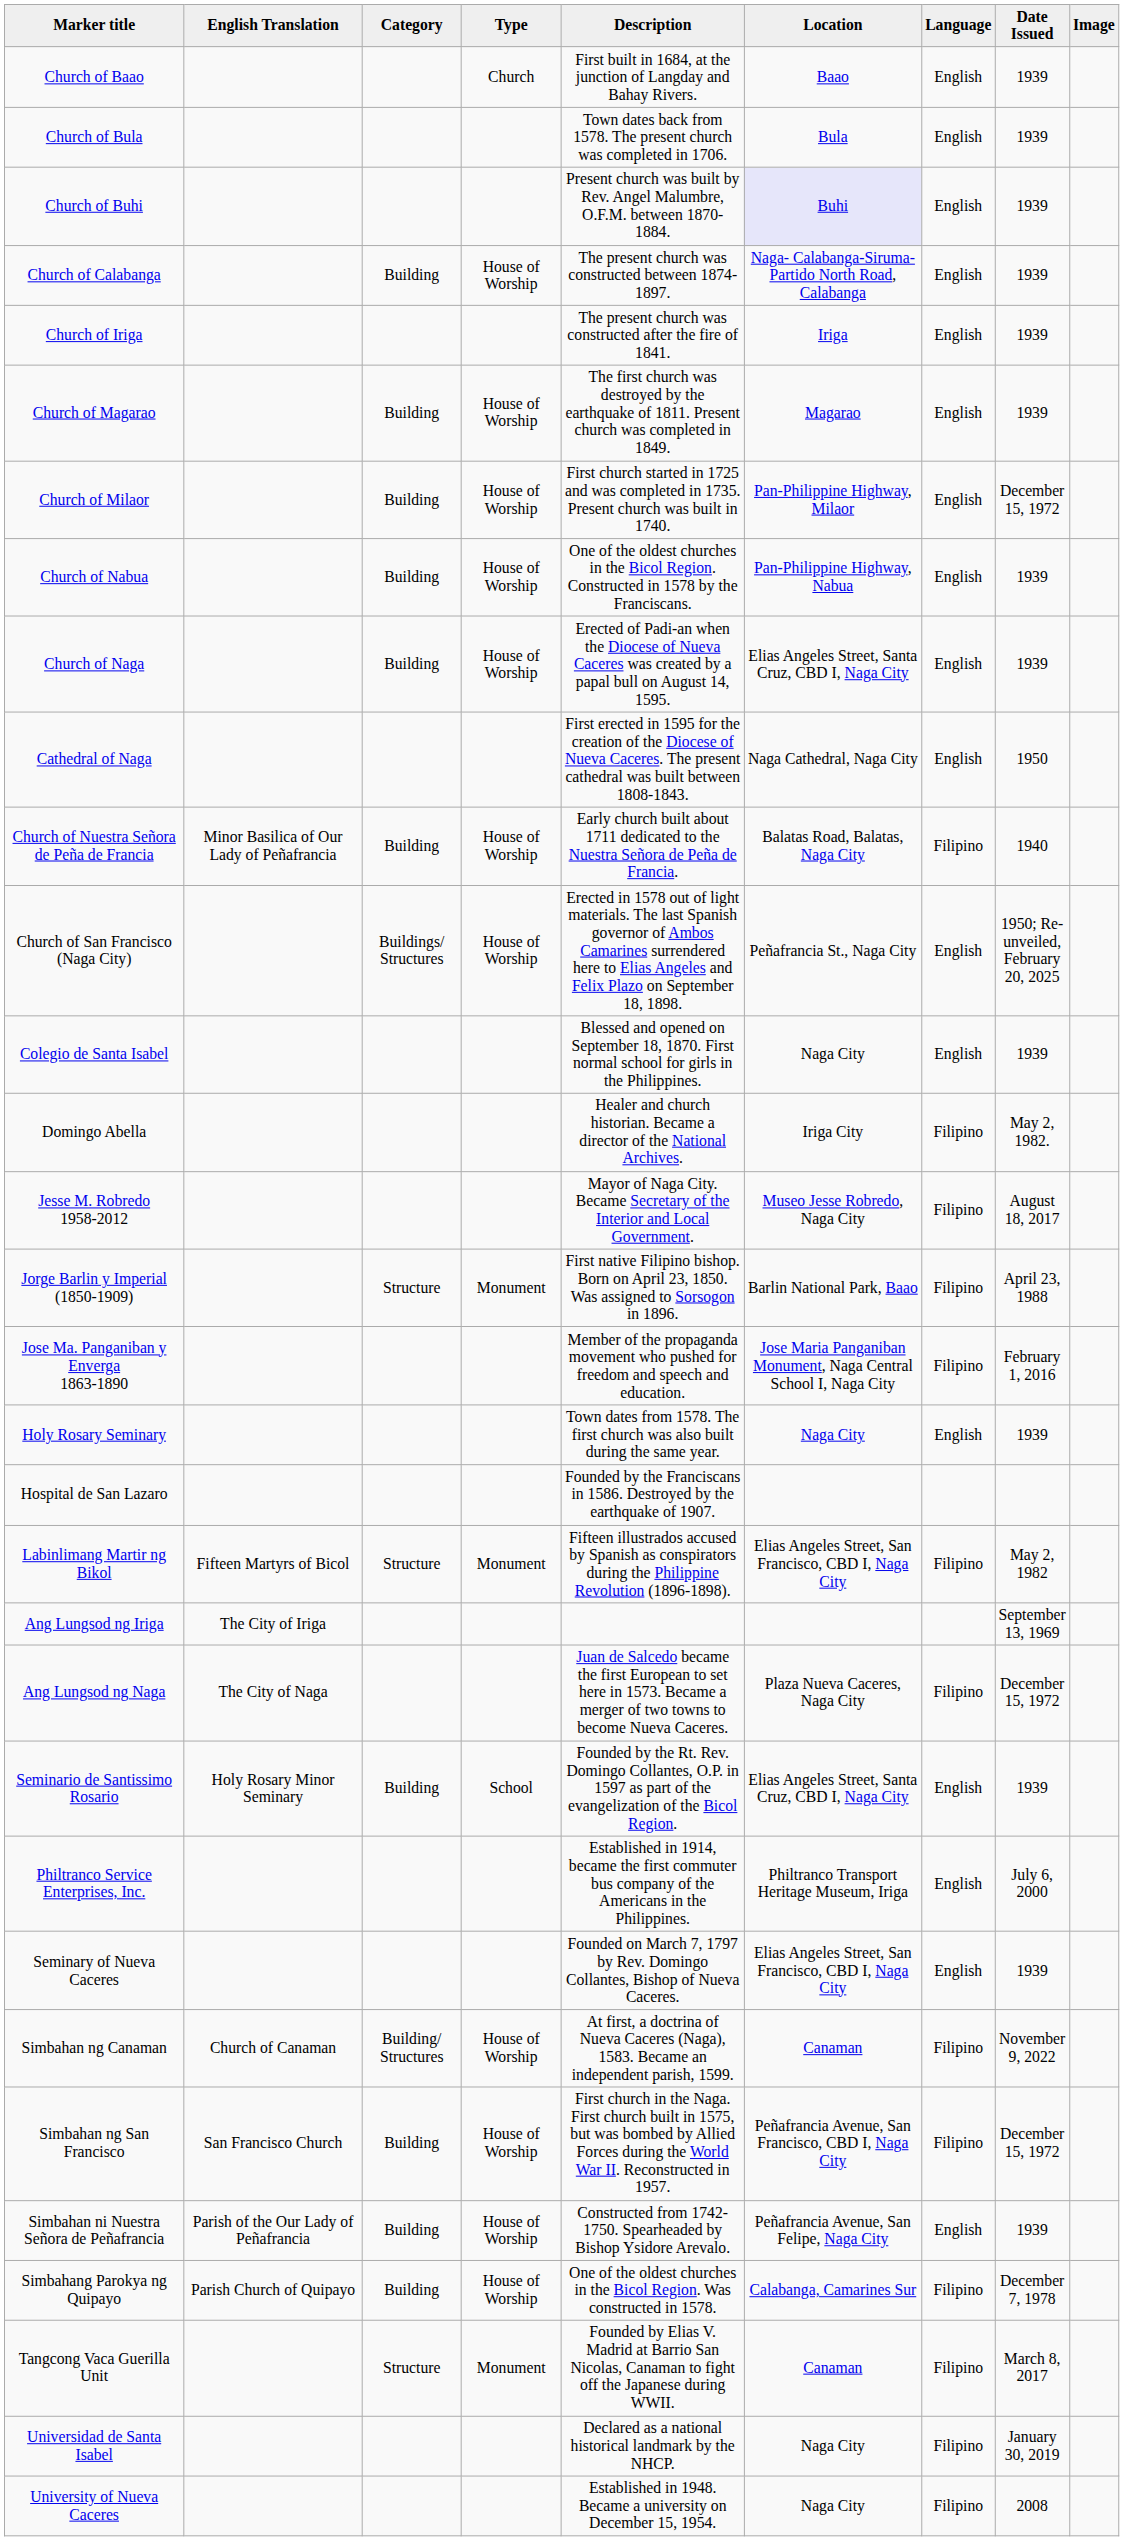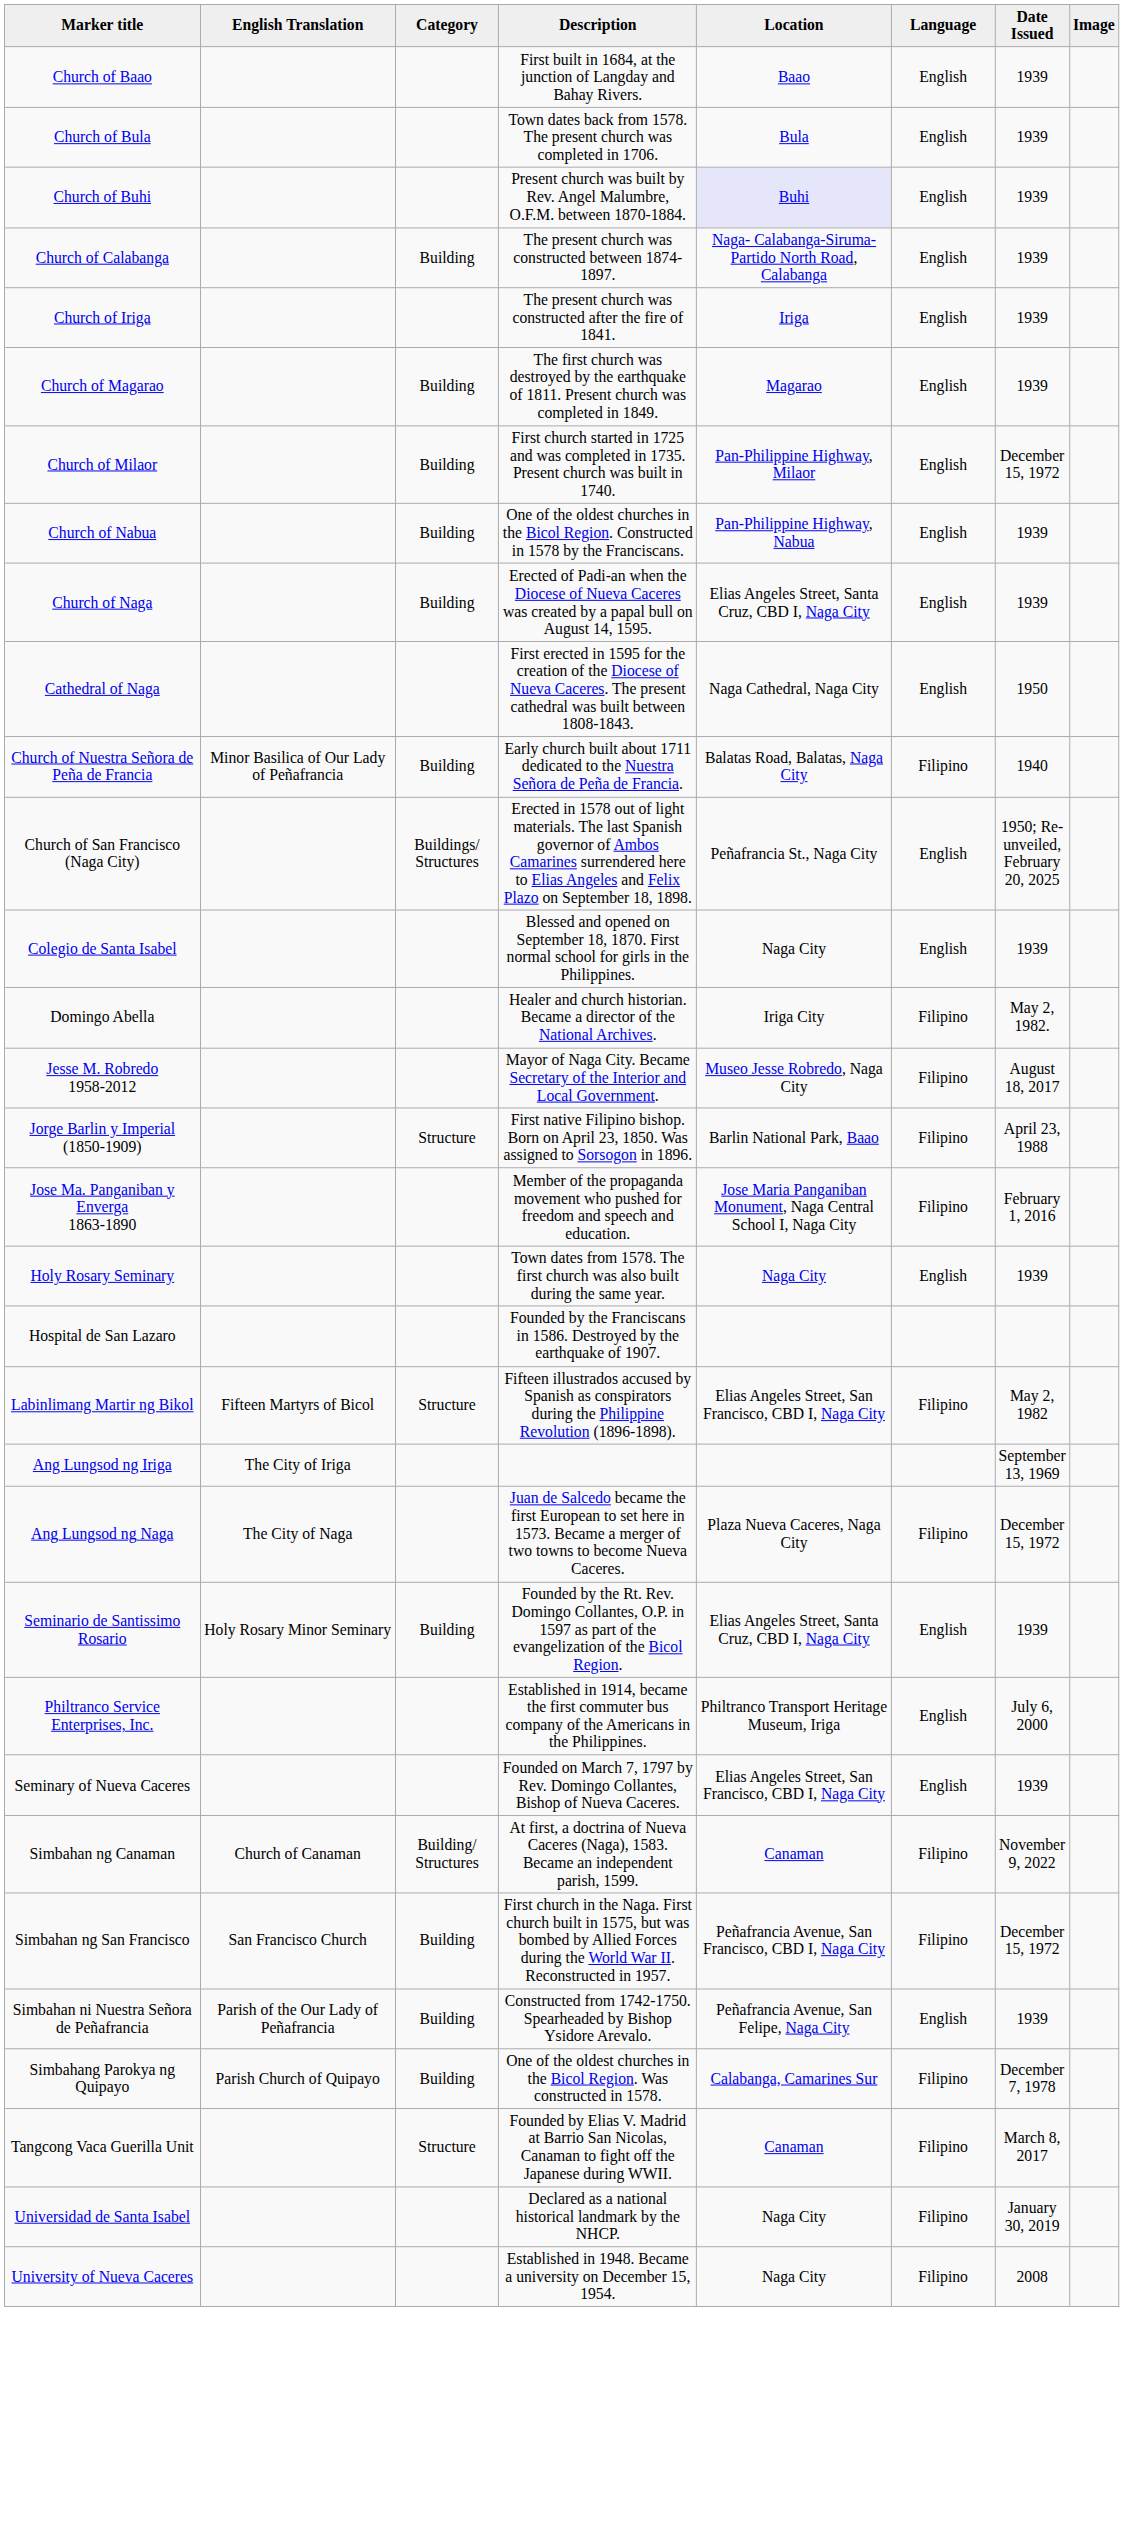 <table class="wikitable" style="width:90%; text-align:center;">
 <tr>
 <th style="width:20%; background:#efefef;">Marker title</th>
 <th style="width:20%; background:#efefef;">English Translation</th>
 <th style="width:10%; background:#efefef;">Category</th>
-<th style="width:10%; background:#efefef;">Type</th>
 <th style="width:20%; background:#efefef;">Description</th>
 <th style="width:20%; background:#efefef;">Location</th>
 <th style="width:10%; background:#efefef;">Language</th>
 <th style="width:10%; background:#efefef;">Date Issued</th>
 <th style="width:10%; background:#efefef;">Image</th>
 </tr>
 <tr>
 <td><a href='#'>Church of Baao</a></td>
 <td></td>
 <td></td>
-<td>Church</td>
 <td>First built in 1684, at the junction of Langday and Bahay Rivers.</td>
 <td><a href='#'>Baao</a></td>
 <td>English</td>
 <td>1939</td>
 <td></td>
 </tr>
 <tr>
 <td><a href='#'>Church of Bula</a></td>
-<td></td>
 <td></td>
 <td></td>
 <td>Town dates back from 1578. The present church was completed in 1706.</td>
 <td><a href='#'>Bula</a></td>
 <td>English</td>
 <td>1939</td>
 <td></td>
 </tr>
 <tr>
 <td><a href='#'>Church of Buhi</a></td>
 <td></td>
 <td></td>
-<td></td>
 <td>Present church was built by Rev. Angel Malumbre, O.F.M. between 1870-1884.</td>
 <td style="background: lavender;"><a href='#'>Buhi</a></td>
 <td>English</td>
 <td>1939</td>
 <td></td>
 </tr>
 <tr>
 <td><a href='#'>Church of Calabanga</a></td>
 <td></td>
 <td>Building</td>
-<td>House of Worship</td>
 <td>The present church was constructed between 1874-1897.</td>
 <td><a href='#'>Naga- Calabanga-Siruma-Partido North Road</a>, <a href='#'>Calabanga</a></td>
 <td>English</td>
 <td>1939</td>
 <td></td>
 </tr>
 <tr>
 <td><a href='#'>Church of Iriga</a></td>
-<td></td>
 <td></td>
 <td></td>
 <td>The present church was constructed after the fire of 1841.</td>
 <td><a href='#'>Iriga</a></td>
 <td>English</td>
 <td>1939</td>
 <td></td>
 </tr>
 <tr>
 <td><a href='#'>Church of Magarao</a></td>
 <td></td>
 <td>Building</td>
-<td>House of Worship</td>
 <td>The first church was destroyed by the earthquake of 1811. Present church was completed in 1849.</td>
 <td><a href='#'>Magarao</a></td>
 <td>English</td>
 <td>1939</td>
 <td></td>
 </tr>
 <tr>
 <td><a href='#'>Church of Milaor</a></td>
 <td></td>
 <td>Building</td>
-<td>House of Worship</td>
 <td>First church started in 1725 and was completed in 1735. Present church was built in 1740.</td>
 <td><a href='#'>Pan-Philippine Highway</a>, <a href='#'>Milaor</a></td>
 <td>English</td>
 <td>December 15, 1972</td>
 <td></td>
 </tr>
 <tr>
 <td><a href='#'>Church of Nabua</a></td>
 <td></td>
 <td>Building</td>
-<td>House of Worship</td>
 <td>One of the oldest churches in the <a href='#'>Bicol Region</a>. Constructed in 1578 by the Franciscans.</td>
 <td><a href='#'>Pan-Philippine Highway</a>, <a href='#'>Nabua</a></td>
 <td>English</td>
 <td>1939</td>
 <td></td>
 </tr>
 <tr>
 <td><a href='#'>Church of Naga</a></td>
 <td></td>
 <td>Building</td>
-<td>House of Worship</td>
 <td>Erected of Padi-an when the <a href='#'>Diocese of Nueva Caceres</a> was created by a papal bull on August 14, 1595.</td>
 <td>Elias Angeles Street, Santa Cruz, CBD I, <a href='#'>Naga City</a></td>
 <td>English</td>
 <td>1939</td>
 <td></td>
 </tr>
 <tr>
 <td><a href='#'>Cathedral of Naga</a></td>
-<td></td>
 <td></td>
 <td></td>
 <td>First erected in 1595 for the creation of the <a href='#'>Diocese of Nueva Caceres</a>. The present cathedral was built between 1808-1843.</td>
 <td>Naga Cathedral, Naga City</td>
 <td>English</td>
 <td>1950</td>
 <td></td>
 </tr>
 <tr>
 <td><a href='#'>Church of Nuestra Señora de Peña de Francia</a></td>
 <td>Minor Basilica of Our Lady of Peñafrancia</td>
 <td>Building</td>
-<td>House of Worship</td>
 <td>Early church built about 1711 dedicated to the <a href='#'>Nuestra Señora de Peña de Francia</a>.</td>
 <td>Balatas Road, Balatas, <a href='#'>Naga City</a></td>
 <td>Filipino</td>
 <td>1940</td>
 <td></td>
 </tr>
 <tr>
 <td>Church of San Francisco<br>(Naga City)</td>
 <td></td>
 <td>Buildings/ Structures</td>
-<td>House of Worship</td>
 <td>Erected in 1578 out of light materials. The last Spanish governor of <a href='#'>Ambos Camarines</a> surrendered here to <a href='#'>Elias Angeles</a> and <a href='#'>Felix Plazo</a> on September 18, 1898.</td>
 <td>Peñafrancia St., Naga City</td>
 <td>English</td>
 <td>1950; Re-unveiled, February 20, 2025</td>
 <td></td>
 </tr>
 <tr>
 <td><a href='#'>Colegio de Santa Isabel</a></td>
-<td></td>
 <td></td>
 <td></td>
 <td>Blessed and opened on September 18, 1870. First normal school for girls in the Philippines.</td>
 <td>Naga City</td>
 <td>English</td>
 <td>1939</td>
 <td></td>
 </tr>
 <tr>
 <td>Domingo Abella</td>
 <td></td>
 <td></td>
-<td></td>
 <td>Healer and church historian. Became a director of the <a href='#'>National Archives</a>.</td>
 <td>Iriga City</td>
 <td>Filipino</td>
 <td>May 2, 1982.</td>
 <td></td>
 </tr>
 <tr>
 <td><a href='#'>Jesse M. Robredo</a><br>1958-2012</td>
-<td></td>
 <td></td>
 <td></td>
 <td>Mayor of Naga City. Became <a href='#'>Secretary of the Interior and Local Government</a>.</td>
 <td><a href='#'>Museo Jesse Robredo</a>, Naga City</td>
 <td>Filipino</td>
 <td>August 18, 2017</td>
 <td></td>
 </tr>
 <tr>
 <td><a href='#'>Jorge Barlin y Imperial</a><br>(1850-1909)</td>
 <td></td>
 <td>Structure</td>
-<td>Monument</td>
 <td>First native Filipino bishop. Born on April 23, 1850. Was assigned to <a href='#'>Sorsogon</a> in 1896.</td>
 <td>Barlin National Park, <a href='#'>Baao</a></td>
 <td>Filipino</td>
 <td>April 23, 1988</td>
 <td></td>
 </tr>
 <tr>
 <td><a href='#'>Jose Ma. Panganiban y Enverga</a><br>1863-1890</td>
-<td></td>
 <td></td>
 <td></td>
 <td>Member of the propaganda movement who pushed for freedom and speech and education.</td>
 <td><a href='#'>Jose Maria Panganiban Monument</a>, Naga Central School I, Naga City</td>
 <td>Filipino</td>
 <td>February 1, 2016</td>
 <td></td>
 </tr>
 <tr>
 <td><a href='#'>Holy Rosary Seminary</a></td>
 <td></td>
 <td></td>
-<td></td>
 <td>Town dates from 1578. The first church was also built during the same year.</td>
 <td><a href='#'>Naga City</a></td>
 <td>English</td>
 <td>1939</td>
 <td></td>
 </tr>
 <tr>
 <td>Hospital de San Lazaro</td>
-<td></td>
 <td></td>
 <td></td>
 <td>Founded by the Franciscans in 1586.  Destroyed by the earthquake of 1907.</td>
 <td></td>
 <td></td>
 <td></td>
 <td></td>
 </tr>
 <tr>
 <td><a href='#'>Labinlimang Martir ng Bikol</a></td>
 <td>Fifteen Martyrs of Bicol</td>
 <td>Structure</td>
-<td>Monument</td>
 <td>Fifteen illustrados accused by Spanish as conspirators during the <a href='#'>Philippine Revolution</a> (1896-1898).</td>
 <td>Elias Angeles Street, San Francisco, CBD I, <a href='#'>Naga City</a></td>
 <td>Filipino</td>
 <td>May 2, 1982</td>
 <td></td>
 </tr>
 <tr>
 <td><a href='#'>Ang Lungsod ng Iriga</a></td>
 <td>The City of Iriga</td>
 <td></td>
 <td></td>
 <td></td>
 <td></td>
-<td></td>
 <td>September 13, 1969</td>
 <td></td>
 </tr>
 <tr>
 <td><a href='#'>Ang Lungsod ng Naga</a></td>
 <td>The City of Naga</td>
-<td></td>
 <td></td>
 <td><a href='#'>Juan de Salcedo</a> became the first European to set here in 1573. Became a merger of two towns to become Nueva Caceres.</td>
 <td>Plaza Nueva Caceres, Naga City</td>
 <td>Filipino</td>
 <td>December 15, 1972</td>
 <td></td>
 </tr>
 <tr>
 <td><a href='#'>Seminario de Santissimo Rosario</a></td>
 <td>Holy Rosary Minor Seminary</td>
 <td>Building</td>
-<td>School</td>
 <td>Founded by the Rt. Rev. Domingo Collantes, O.P. in 1597 as part of the evangelization of the <a href='#'>Bicol Region</a>.</td>
 <td>Elias Angeles Street, Santa Cruz, CBD I, <a href='#'>Naga City</a></td>
 <td>English</td>
 <td>1939</td>
 <td></td>
 </tr>
 <tr>
 <td><a href='#'>Philtranco Service Enterprises, Inc.</a></td>
-<td></td>
 <td></td>
 <td></td>
 <td>Established in 1914, became the first commuter bus company of the Americans in the Philippines.</td>
 <td>Philtranco Transport Heritage Museum, Iriga</td>
 <td>English</td>
 <td>July 6, 2000</td>
 <td></td>
 </tr>
 <tr>
 <td>Seminary of Nueva Caceres</td>
 <td></td>
 <td></td>
-<td></td>
 <td>Founded on March 7, 1797 by Rev. Domingo Collantes, Bishop of Nueva Caceres.</td>
 <td>Elias Angeles Street, San Francisco, CBD I, <a href='#'>Naga City</a></td>
 <td>English</td>
 <td>1939</td>
 <td></td>
 </tr>
 <tr>
 <td>Simbahan ng Canaman</td>
 <td>Church of Canaman</td>
 <td>Building/ Structures</td>
-<td>House of Worship</td>
 <td>At first, a doctrina of Nueva Caceres (Naga), 1583. Became an independent parish, 1599.</td>
 <td><a href='#'>Canaman</a></td>
 <td>Filipino</td>
 <td>November 9, 2022</td>
 <td></td>
 </tr>
 <tr>
 <td>Simbahan ng San Francisco</td>
 <td>San Francisco Church</td>
 <td>Building</td>
-<td>House of Worship</td>
 <td>First church in the Naga. First church built in 1575, but was bombed by Allied Forces during the <a href='#'>World War II</a>. Reconstructed in 1957.</td>
 <td>Peñafrancia Avenue, San Francisco, CBD I, <a href='#'>Naga City</a></td>
 <td>Filipino</td>
 <td>December 15, 1972</td>
 <td></td>
 </tr>
 <tr>
 <td>Simbahan ni Nuestra Señora de Peñafrancia</td>
 <td>Parish of the Our Lady of Peñafrancia</td>
 <td>Building</td>
-<td>House of Worship</td>
 <td>Constructed from 1742-1750. Spearheaded by Bishop Ysidore Arevalo.</td>
 <td>Peñafrancia Avenue, San Felipe, <a href='#'>Naga City</a></td>
 <td>English</td>
 <td>1939</td>
 <td></td>
 </tr>
 <tr>
 <td>Simbahang Parokya ng Quipayo</td>
 <td>Parish Church of Quipayo</td>
 <td>Building</td>
-<td>House of Worship</td>
 <td>One of the oldest churches in the <a href='#'>Bicol Region</a>. Was constructed in 1578.</td>
 <td><a href='#'>Calabanga, Camarines Sur</a></td>
 <td>Filipino</td>
 <td>December 7, 1978</td>
 <td></td>
 </tr>
 <tr>
 <td>Tangcong Vaca Guerilla Unit</td>
 <td></td>
 <td>Structure</td>
-<td>Monument</td>
 <td>Founded by Elias V. Madrid at Barrio San Nicolas, Canaman to fight off the Japanese during WWII.</td>
 <td><a href='#'>Canaman</a></td>
 <td>Filipino</td>
 <td>March 8, 2017</td>
 <td></td>
 </tr>
 <tr>
 <td><a href='#'>Universidad de Santa Isabel</a></td>
-<td></td>
 <td></td>
 <td></td>
 <td>Declared as a national historical landmark by the NHCP.</td>
 <td>Naga City</td>
 <td>Filipino</td>
 <td>January 30, 2019</td>
 <td></td>
 </tr>
 <tr>
 <td><a href='#'>University of Nueva Caceres</a></td>
 <td></td>
 <td></td>
-<td></td>
 <td>Established in 1948. Became a university on December 15, 1954.</td>
 <td>Naga City</td>
 <td>Filipino</td>
 <td>2008</td>
 <td></td>
 </tr>
 </table>
